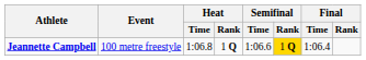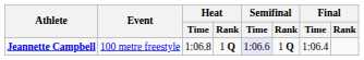 <table class=wikitable style="font-size:90%">
 <tr>
 <th rowspan="2">Athlete</th>
 <th rowspan="2">Event</th>
 <th colspan="2">Heat</th>
 <th colspan="2">Semifinal</th>
 <th colspan="2">Final</th>
 </tr>
 <tr style="font-size:95%">
 <th>Time</th>
 <th>Rank</th>
 <th>Time</th>
 <th>Rank</th>
 <th>Time</th>
 <th>Rank</th>
 </tr>
 <tr align=center>
 <td align=left rowspan=1><strong><a href='#'>Jeannette Campbell</a></strong></td>
 <td align=left><a href='#'>100 metre freestyle</a></td>
 <td>1:06.8</td>
 <td>1 <strong>Q</strong></td>
-<td>1:06.6</td>
-<td style="background: gold;">1 <strong>Q</strong></td>
+<td style="background: lavender;">1:06.6</td>
+<td>1 <strong>Q</strong></td>
 <td>1:06.4</td>
 <td></td>
 </tr>
 </table>
